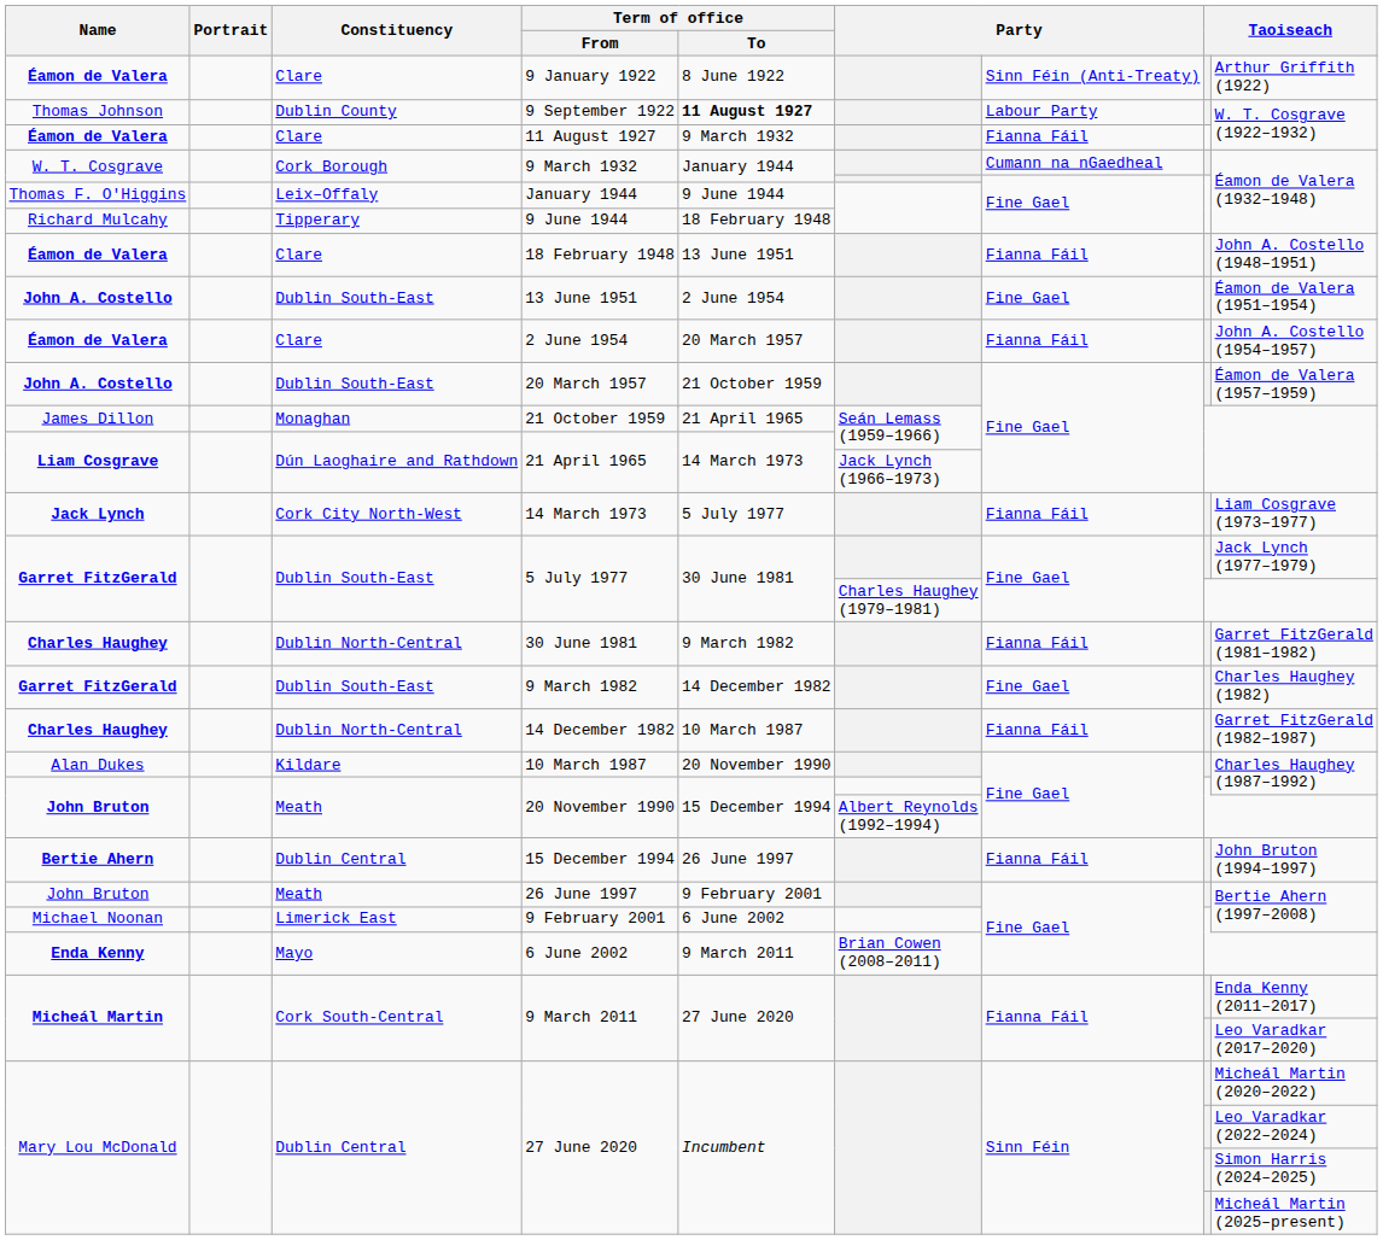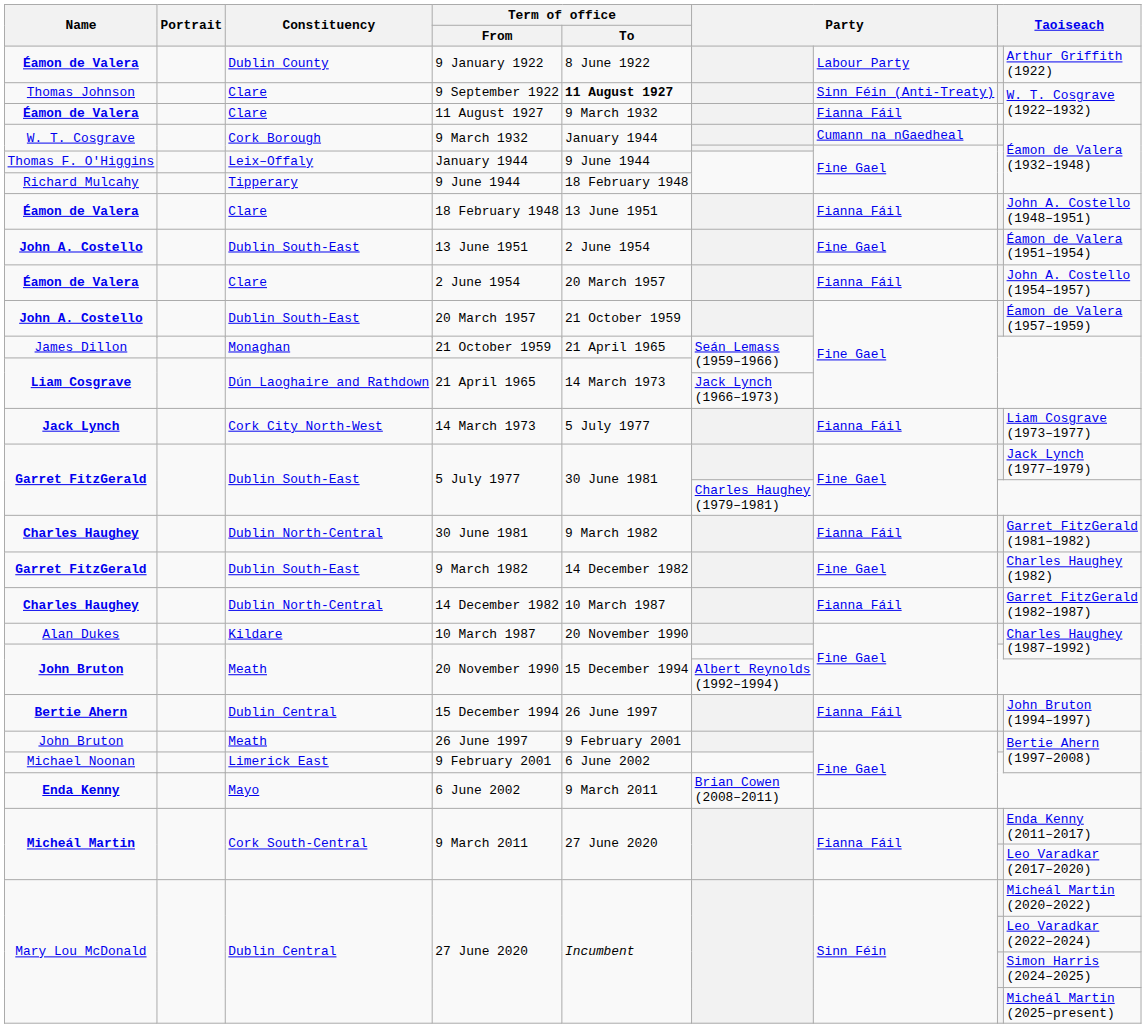 <table class="wikitable">
 <tr>
 <th rowspan=2>Name<br></th>
 <th rowspan=2>Portrait</th>
 <th rowspan=2>Constituency</th>
 <th colspan=2>Term of office</th>
 <th rowspan=2 colspan=2>Party</th>
 <th rowspan=2 colspan=2><a href='#'>Taoiseach</a></th>
 </tr>
 <tr>
 <th>From</th>
 <th>To</th>
 </tr>
 <tr>
 <td align=center><strong><a href='#'>Éamon de Valera</a></strong><br></td>
 <td></td>
-<td><a href='#'>Clare</a></td>
+<td><a href='#'>Dublin County</a></td>
 <td>9 January 1922 </td>
 <td>8 June 1922 </td>
 <th style="background-color: "></th>
-<td><a href='#'>Sinn Féin (Anti-Treaty)</a></td>
+<td><a href='#'>Labour Party</a></td>
 <th style="background-color: "></th>
 <td><a href='#'>Arthur Griffith</a><br>(1922)</td>
 </tr>
 <tr>
 <td align=center><a href='#'>Thomas Johnson</a><br></td>
 <td></td>
-<td><a href='#'>Dublin County</a></td>
+<td><a href='#'>Clare</a></td>
 <td>9 September 1922 </td>
 <td><strong>11 August 1927 </strong></td>
 <th style="background-color: "></th>
-<td><a href='#'>Labour Party</a></td>
+<td><a href='#'>Sinn Féin (Anti-Treaty)</a></td>
 <th style="background-color: "></th>
 <td rowspan=2><a href='#'>W. T. Cosgrave</a><br>(1922–1932)</td>
 </tr>
 <tr>
 <td align=center><strong><a href='#'>Éamon de Valera</a></strong><br></td>
 <td></td>
 <td><a href='#'>Clare</a></td>
 <td>11 August 1927 </td>
 <td>9 March 1932  </td>
 <th style="background-color: "></th>
 <td><a href='#'>Fianna Fáil</a></td>
 </tr>
 <tr>
 <td rowspan=2 align=center><a href='#'>W. T. Cosgrave</a><br></td>
 <td rowspan=2></td>
 <td rowspan=2><a href='#'>Cork Borough</a></td>
 <td rowspan=2>9 March 1932 </td>
 <td rowspan=2>January 1944  </td>
 <th style="background-color: "></th>
 <td><a href='#'>Cumann na nGaedheal</a></td>
 <th style="background-color: "></th>
 <td rowspan=4><a href='#'>Éamon de Valera</a><br>(1932–1948)</td>
 </tr>
 <tr>
 <th style="background-color: "></th>
 <td rowspan=3><a href='#'>Fine Gael</a></td>
 </tr>
 <tr>
 <td align=center><a href='#'>Thomas F. O'Higgins</a><br></td>
 <td></td>
 <td><a href='#'>Leix–Offaly</a></td>
 <td>January 1944</td>
 <td>9 June 1944</td>
 </tr>
 <tr>
 <td align=center><a href='#'>Richard Mulcahy</a><br></td>
 <td></td>
 <td><a href='#'>Tipperary</a></td>
 <td>9 June 1944</td>
 <td>18 February 1948</td>
 </tr>
 <tr>
 <td align=center><strong><a href='#'>Éamon de Valera</a></strong><br></td>
 <td></td>
 <td><a href='#'>Clare</a></td>
 <td>18 February 1948 </td>
 <td>13 June 1951 </td>
 <th style="background-color: "></th>
 <td><a href='#'>Fianna Fáil</a></td>
 <th style="background-color: "></th>
 <td><a href='#'>John A. Costello</a><br>(1948–1951)</td>
 </tr>
 <tr>
 <td align=center><strong><a href='#'>John A. Costello</a></strong><br></td>
 <td></td>
 <td><a href='#'>Dublin South-East</a></td>
 <td>13 June 1951</td>
 <td>2 June 1954</td>
 <th style="background-color: "></th>
 <td><a href='#'>Fine Gael</a></td>
 <th style="background-color: "></th>
 <td><a href='#'>Éamon de Valera</a><br>(1951–1954)</td>
 </tr>
 <tr>
 <td align=center><strong><a href='#'>Éamon de Valera</a></strong><br></td>
 <td></td>
 <td><a href='#'>Clare</a></td>
 <td>2 June 1954 </td>
 <td>20 March 1957 </td>
 <th style="background-color: "></th>
 <td><a href='#'>Fianna Fáil</a></td>
 <th style="background-color: "></th>
 <td><a href='#'>John A. Costello</a><br>(1954–1957)</td>
 </tr>
 <tr>
 <td rowspan=2 align=center><strong><a href='#'>John A. Costello</a></strong><br></td>
 <td rowspan=2></td>
 <td rowspan=2><a href='#'>Dublin South-East</a></td>
 <td rowspan=2>20 March 1957</td>
 <td rowspan=2>21 October 1959</td>
 <th style="background-color: "></th>
 <td rowspan=5><a href='#'>Fine Gael</a></td>
 <th style="background-color: "></th>
 <td><a href='#'>Éamon de Valera</a><br>(1957–1959)</td>
 </tr>
 <tr>
 <td rowspan=3><a href='#'>Seán Lemass</a><br>(1959–1966)</td>
 </tr>
 <tr>
 <td align=center><a href='#'>James Dillon</a><br></td>
 <td></td>
 <td><a href='#'>Monaghan</a></td>
 <td>21 October 1959</td>
 <td>21 April 1965</td>
 </tr>
 <tr>
 <td rowspan=2 align=center><strong><a href='#'>Liam Cosgrave</a></strong><br></td>
 <td rowspan=2></td>
 <td rowspan=2><a href='#'>Dún Laoghaire and Rathdown</a></td>
 <td rowspan=2>21 April 1965 </td>
 <td rowspan=2>14 March 1973 </td>
 </tr>
 <tr>
 <td><a href='#'>Jack Lynch</a><br>(1966–1973)</td>
 </tr>
 <tr>
 <td align=center><strong><a href='#'>Jack Lynch</a></strong><br></td>
 <td></td>
 <td><a href='#'>Cork City North-West</a></td>
 <td>14 March 1973</td>
 <td>5 July 1977</td>
 <th style="background-color: "></th>
 <td><a href='#'>Fianna Fáil</a></td>
 <th style="background-color: "></th>
 <td><a href='#'>Liam Cosgrave</a><br>(1973–1977)</td>
 </tr>
 <tr>
 <td rowspan=2 align=center><strong><a href='#'>Garret FitzGerald</a></strong><br></td>
 <td rowspan=2></td>
 <td rowspan=2><a href='#'>Dublin South-East</a></td>
 <td rowspan=2>5 July 1977</td>
 <td rowspan=2>30 June 1981</td>
 <th style="background-color: "></th>
 <td rowspan=2><a href='#'>Fine Gael</a></td>
 <th style="background-color: "></th>
 <td><a href='#'>Jack Lynch</a><br>(1977–1979)</td>
 </tr>
 <tr>
 <td><a href='#'>Charles Haughey</a><br>(1979–1981)</td>
 </tr>
 <tr>
 <td align=center><strong><a href='#'>Charles Haughey</a></strong><br></td>
 <td></td>
 <td><a href='#'>Dublin North-Central</a></td>
 <td>30 June 1981</td>
 <td>9 March 1982</td>
 <th style="background-color: "></th>
 <td><a href='#'>Fianna Fáil</a></td>
 <th style="background-color: "></th>
 <td><a href='#'>Garret FitzGerald</a><br>(1981–1982)</td>
 </tr>
 <tr>
 <td align=center><strong><a href='#'>Garret FitzGerald</a></strong><br></td>
 <td></td>
 <td><a href='#'>Dublin South-East</a></td>
 <td>9 March 1982</td>
 <td>14 December 1982</td>
 <th style="background-color: "></th>
 <td><a href='#'>Fine Gael</a></td>
 <th style="background-color: "></th>
 <td><a href='#'>Charles Haughey</a><br>(1982)</td>
 </tr>
 <tr>
 <td align=center><strong><a href='#'>Charles Haughey</a></strong><br></td>
 <td></td>
 <td><a href='#'>Dublin North-Central</a></td>
 <td>14 December 1982</td>
 <td>10 March 1987 </td>
 <th style="background-color: "></th>
 <td><a href='#'>Fianna Fáil</a></td>
 <th style="background-color: "></th>
 <td><a href='#'>Garret FitzGerald</a><br>(1982–1987)</td>
 </tr>
 <tr>
 <td align=center><a href='#'>Alan Dukes</a><br></td>
 <td></td>
 <td><a href='#'>Kildare</a></td>
 <td>10 March 1987</td>
 <td>20 November 1990</td>
 <th style="background-color: "></th>
 <td rowspan=3><a href='#'>Fine Gael</a></td>
 <th style="background-color: "></th>
 <td rowspan=2><a href='#'>Charles Haughey</a><br>(1987–1992)</td>
 </tr>
 <tr>
 <td rowspan=2 align=center><strong><a href='#'>John Bruton</a></strong><br></td>
 <td rowspan=2></td>
 <td rowspan=2><a href='#'>Meath</a></td>
 <td rowspan=2>20 November 1990</td>
 <td rowspan=2>15 December 1994</td>
 </tr>
 <tr>
 <td><a href='#'>Albert Reynolds</a><br>(1992–1994)</td>
 </tr>
 <tr>
 <td align=center><strong><a href='#'>Bertie Ahern</a></strong><br></td>
 <td></td>
 <td><a href='#'>Dublin Central</a></td>
 <td>15 December 1994</td>
 <td>26 June 1997 </td>
 <th style="background-color: "></th>
 <td><a href='#'>Fianna Fáil</a></td>
 <th style="background-color: "></th>
 <td><a href='#'>John Bruton</a><br>(1994–1997)</td>
 </tr>
 <tr>
 <td align=center><a href='#'>John Bruton</a><br></td>
 <td></td>
 <td><a href='#'>Meath</a></td>
 <td>26 June 1997 </td>
 <td>9 February 2001 </td>
 <th style="background-color: "></th>
 <td rowspan=4><a href='#'>Fine Gael</a></td>
 <th style="background-color: "></th>
 <td rowspan=3><a href='#'>Bertie Ahern</a><br>(1997–2008)</td>
 </tr>
 <tr>
 <td align=center><a href='#'>Michael Noonan</a><br></td>
 <td></td>
 <td><a href='#'>Limerick East</a></td>
 <td>9 February 2001 </td>
 <td>6 June 2002 </td>
 </tr>
 <tr>
 <td rowspan=2 align=center><strong><a href='#'>Enda Kenny</a></strong><br></td>
 <td rowspan=2></td>
 <td rowspan=2><a href='#'>Mayo</a></td>
 <td rowspan=2>6 June 2002</td>
 <td rowspan=2>9 March 2011 </td>
 </tr>
 <tr>
 <td><a href='#'>Brian Cowen</a><br>(2008–2011)</td>
 </tr>
 <tr>
 <td rowspan=2 align=center><strong><a href='#'>Micheál Martin</a></strong><br></td>
 <td rowspan=2></td>
 <td rowspan=2><a href='#'>Cork South-Central</a></td>
 <td rowspan=2>9 March 2011 </td>
 <td rowspan=2>27 June 2020 </td>
 <th rowspan=2 style="background-color: "></th>
 <td rowspan=2><a href='#'>Fianna Fáil</a></td>
 <th style="background-color: "></th>
 <td><a href='#'>Enda Kenny</a><br>(2011–2017)</td>
 </tr>
 <tr>
 <th style="background-color: "></th>
 <td><a href='#'>Leo Varadkar</a><br>(2017–2020)</td>
 </tr>
 <tr>
 <td rowspan=4 align=center><a href='#'>Mary Lou McDonald</a><br></td>
 <td rowspan=4></td>
 <td rowspan=4><a href='#'>Dublin Central</a></td>
 <td rowspan=4>27 June 2020 </td>
 <td rowspan=4><em>Incumbent</em></td>
 <th rowspan=4 style="background-color: "></th>
 <td rowspan=4><a href='#'>Sinn Féin</a></td>
 <th style="background-color: "></th>
 <td><a href='#'>Micheál Martin</a><br>(2020–2022)</td>
 </tr>
 <tr>
 <th style="background-color: "></th>
 <td><a href='#'>Leo Varadkar</a><br>(2022–2024)</td>
 </tr>
 <tr>
 <th style="background-color: "></th>
 <td><a href='#'>Simon Harris</a><br>(2024–2025)</td>
 </tr>
 <tr>
 <th style="background-color: "></th>
 <td><a href='#'>Micheál Martin</a><br>(2025–present)</td>
 </tr>
 </table>
